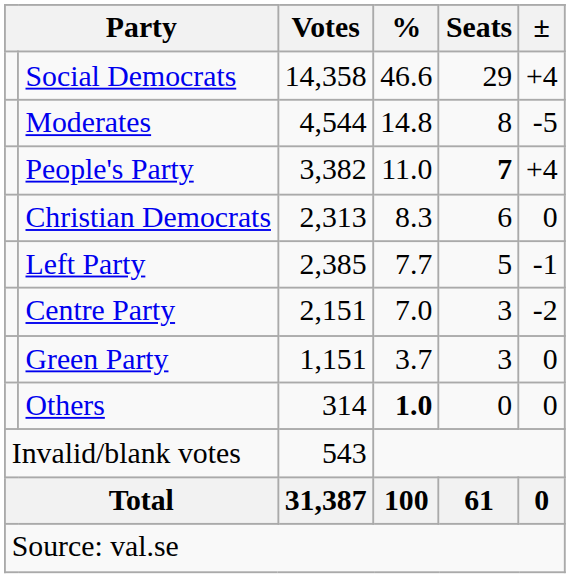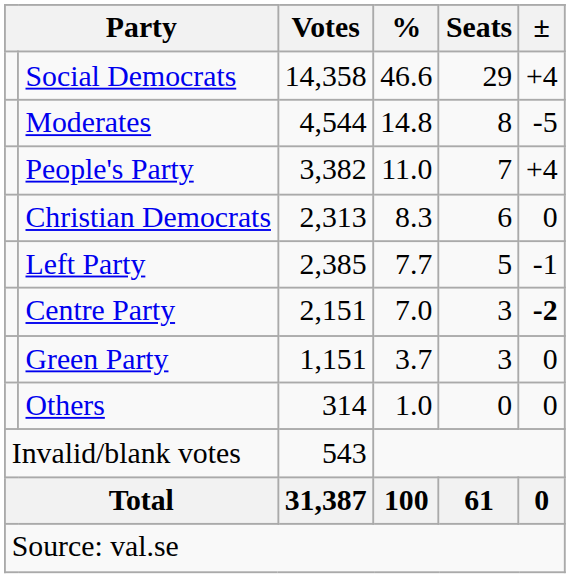 <table class=wikitable style=text-align:right>
 <tr>
 <th colspan=2>Party</th>
 <th>Votes</th>
 <th>%</th>
 <th>Seats</th>
 <th>±</th>
 </tr>
 <tr>
 <td bgcolor=></td>
 <td align=left><a href='#'>Social Democrats</a></td>
 <td>14,358</td>
 <td>46.6</td>
 <td>29</td>
 <td>+4</td>
 </tr>
 <tr>
 <td bgcolor=></td>
 <td align=left><a href='#'>Moderates</a></td>
 <td>4,544</td>
 <td>14.8</td>
 <td>8</td>
 <td>-5</td>
 </tr>
 <tr>
 <td bgcolor=></td>
 <td align=left><a href='#'>People's Party</a></td>
 <td>3,382</td>
 <td>11.0</td>
-<td><strong>7</strong></td>
+<td>7</td>
 <td>+4</td>
 </tr>
 <tr>
 <td bgcolor=></td>
 <td align=left><a href='#'>Christian Democrats</a></td>
 <td>2,313</td>
 <td>8.3</td>
 <td>6</td>
 <td>0</td>
 </tr>
 <tr>
 <td bgcolor=></td>
 <td align=left><a href='#'>Left Party</a></td>
 <td>2,385</td>
 <td>7.7</td>
 <td>5</td>
 <td>-1</td>
 </tr>
 <tr>
 <td bgcolor=></td>
 <td align=left><a href='#'>Centre Party</a></td>
 <td>2,151</td>
 <td>7.0</td>
 <td>3</td>
-<td>-2</td>
+<td><strong>-2</strong></td>
 </tr>
 <tr>
 <td bgcolor=></td>
 <td align=left><a href='#'>Green Party</a></td>
 <td>1,151</td>
 <td>3.7</td>
 <td>3</td>
 <td>0</td>
 </tr>
 <tr>
 <td></td>
 <td align=left><a href='#'>Others</a></td>
 <td>314</td>
-<td><strong>1.0</strong></td>
+<td>1.0</td>
 <td>0</td>
 <td>0</td>
 </tr>
 <tr>
 <td align=left colspan=2>Invalid/blank votes</td>
 <td>543</td>
 <td colspan=3></td>
 </tr>
 <tr>
 <th align=left colspan=2>Total</th>
 <th>31,387</th>
 <th>100</th>
 <th>61</th>
 <th>0</th>
 </tr>
 <tr>
 <td align=left colspan=6>Source: val.se </td>
 </tr>
 </table>
